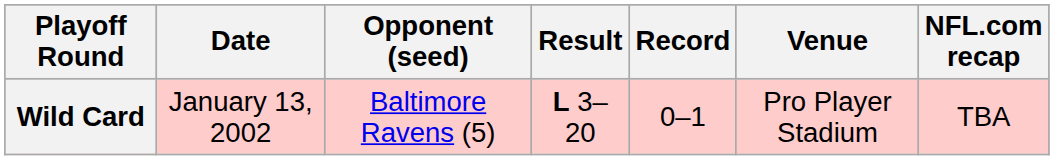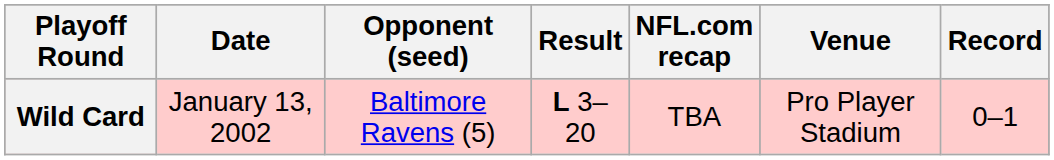 <table class="wikitable" style="text-align:center">
 <tr>
 <th>Playoff Round</th>
 <th>Date</th>
 <th>Opponent (seed)</th>
 <th>Result</th>
+<th>NFL.com<br>recap</th>
+<th>Venue</th>
 <th>Record</th>
-<th>Venue</th>
-<th>NFL.com<br>recap</th>
 </tr>
 <tr style="background:#fcc;">
 <th>Wild Card</th>
 <td>January 13, 2002</td>
 <td><a href='#'>Baltimore Ravens</a> (5)</td>
 <td><strong>L</strong>  3–20</td>
+<td>TBA</td>
+<td>Pro Player Stadium</td>
 <td>0–1</td>
-<td>Pro Player Stadium</td>
-<td>TBA</td>
 </tr>
 </table>
